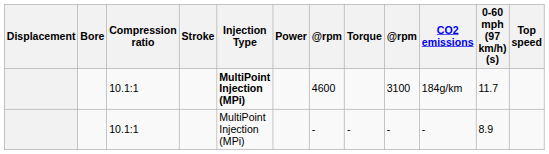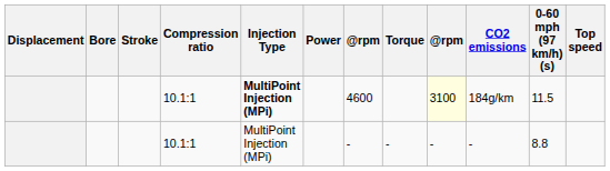 <table class="wikitable">
 <tr>
 <th>Displacement</th>
 <th>Bore</th>
+<th>Stroke</th>
 <th>Compression<br>ratio</th>
-<th>Stroke</th>
 <th>Injection Type</th>
 <th>Power</th>
 <th>@rpm</th>
 <th>Torque</th>
 <th>@rpm</th>
 <th><a href='#'>CO2 emissions</a></th>
 <th>0-60 mph (97 km/h) (s)</th>
 <th>Top speed</th>
 </tr>
 <tr>
 <th></th>
 <td></td>
+<td></td>
 <td>10.1:1</td>
-<td></td>
 <td><strong>MultiPoint Injection (MPi)</strong></td>
 <td></td>
 <td>4600</td>
 <td></td>
-<td>3100</td>
+<td style="background: lightyellow;">3100</td>
 <td>184g/km</td>
-<td>11.7</td>
+<td>11.5</td>
 <td></td>
 </tr>
 <tr>
 <th></th>
 <td></td>
+<td></td>
 <td>10.1:1</td>
-<td></td>
 <td>MultiPoint Injection (MPi)</td>
 <td></td>
 <td>-</td>
 <td>-</td>
 <td>-</td>
 <td>-</td>
-<td>8.9</td>
+<td>8.8</td>
 <td></td>
 </tr>
 </table>
